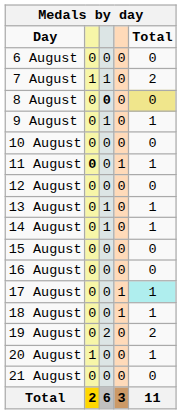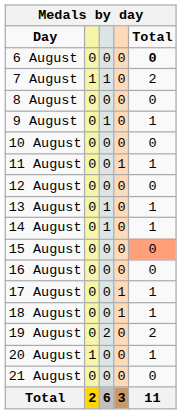 <table class="wikitable" style="font-size:85%; float:right">
 <tr align=center>
 <th colspan=7>Medals by day</th>
 </tr>
 <tr align=center>
 <td><strong>Day</strong></td>
 <td style="background:#f7f6a8;"></td>
 <td style="background:#dce5e5;"></td>
 <td style="background:#ffdab9;"></td>
 <td><strong>Total</strong></td>
 </tr>
 <tr align=center>
 <td>6 August</td>
 <td style="background:#f7f6a8;">0</td>
 <td style="background:#dce5e5;">0</td>
 <td style="background:#ffdab9;">0</td>
-<td>0</td>
+<td><strong>0</strong></td>
 </tr>
 <tr align=center>
 <td>7 August</td>
 <td style="background:#f7f6a8;">1</td>
 <td style="background:#dce5e5;">1</td>
 <td style="background:#ffdab9;">0</td>
 <td>2</td>
 </tr>
 <tr align=center>
 <td>8 August</td>
 <td style="background:#f7f6a8;">0</td>
-<td style="background:#dce5e5;"><strong>0</strong></td>
+<td style="background:#dce5e5;">0</td>
 <td style="background:#ffdab9;">0</td>
-<td style="background: khaki;">0</td>
+<td>0</td>
 </tr>
 <tr align=center>
 <td>9 August</td>
 <td style="background:#f7f6a8;">0</td>
 <td style="background:#dce5e5;">1</td>
 <td style="background:#ffdab9;">0</td>
 <td>1</td>
 </tr>
 <tr align=center>
 <td>10 August</td>
 <td style="background:#f7f6a8;">0</td>
 <td style="background:#dce5e5;">0</td>
 <td style="background:#ffdab9;">0</td>
 <td>0</td>
 </tr>
 <tr align=center>
 <td>11 August</td>
-<td style="background:#f7f6a8;"><strong>0</strong></td>
+<td style="background:#f7f6a8;">0</td>
 <td style="background:#dce5e5;">0</td>
 <td style="background:#ffdab9;">1</td>
 <td>1</td>
 </tr>
 <tr align=center>
 <td>12 August</td>
 <td style="background:#f7f6a8;">0</td>
 <td style="background:#dce5e5;">0</td>
 <td style="background:#ffdab9;">0</td>
 <td>0</td>
 </tr>
 <tr align=center>
 <td>13 August</td>
 <td style="background:#f7f6a8;">0</td>
 <td style="background:#dce5e5;">1</td>
 <td style="background:#ffdab9;">0</td>
 <td>1</td>
 </tr>
 <tr align=center>
 <td>14 August</td>
 <td style="background:#f7f6a8;">0</td>
 <td style="background:#dce5e5;">1</td>
 <td style="background:#ffdab9;">0</td>
 <td>1</td>
 </tr>
 <tr align=center>
 <td>15 August</td>
 <td style="background:#f7f6a8;">0</td>
 <td style="background:#dce5e5;">0</td>
 <td style="background:#ffdab9;">0</td>
-<td>0</td>
+<td style="background: lightsalmon;">0</td>
 </tr>
 <tr align=center>
 <td>16 August</td>
 <td style="background:#f7f6a8;">0</td>
 <td style="background:#dce5e5;">0</td>
 <td style="background:#ffdab9;">0</td>
 <td>0</td>
 </tr>
 <tr align=center>
 <td>17 August</td>
 <td style="background:#f7f6a8;">0</td>
 <td style="background:#dce5e5;">0</td>
 <td style="background:#ffdab9;">1</td>
-<td style="background: paleturquoise;">1</td>
+<td>1</td>
 </tr>
 <tr align=center>
 <td>18 August</td>
 <td style="background:#f7f6a8;">0</td>
 <td style="background:#dce5e5;">0</td>
 <td style="background:#ffdab9;">1</td>
 <td>1</td>
 </tr>
 <tr align=center>
 <td>19 August</td>
 <td style="background:#f7f6a8;">0</td>
 <td style="background:#dce5e5;">2</td>
 <td style="background:#ffdab9;">0</td>
 <td>2</td>
 </tr>
 <tr align=center>
 <td>20 August</td>
 <td style="background:#f7f6a8;">1</td>
 <td style="background:#dce5e5;">0</td>
 <td style="background:#ffdab9;">0</td>
 <td>1</td>
 </tr>
 <tr align=center>
 <td>21 August</td>
 <td style="background:#f7f6a8;">0</td>
 <td style="background:#dce5e5;">0</td>
 <td style="background:#ffdab9;">0</td>
 <td>0</td>
 </tr>
 <tr align=center>
 <th>Total</th>
 <th style="background:gold;">2</th>
 <th style="background:silver;">6</th>
 <th style="background:#c96;">3</th>
 <th>11</th>
 </tr>
 </table>
